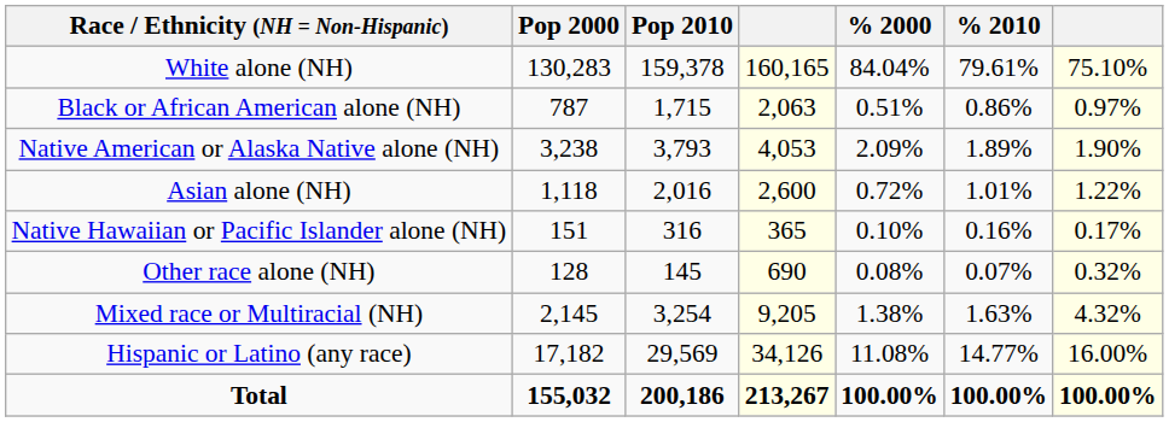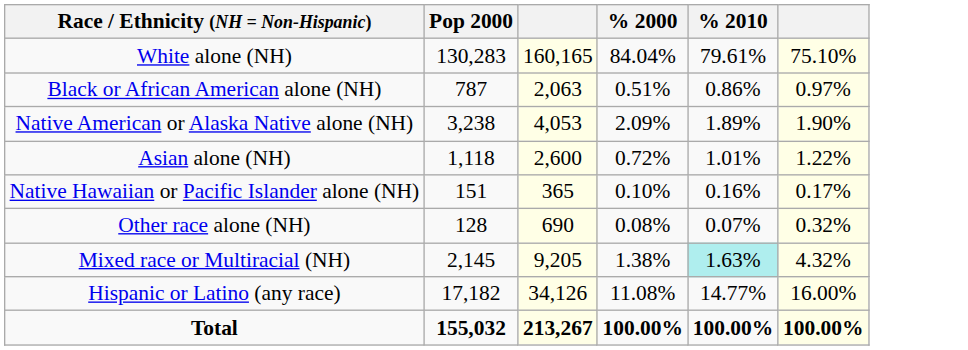 <table class="wikitable" style="text-align:center;">
 <tr>
 <th>Race / Ethnicity <small>(<em>NH = Non-Hispanic</em>)</small></th>
 <th>Pop 2000</th>
-<th>Pop 2010</th>
 <th></th>
 <th>% 2000</th>
 <th>% 2010</th>
 <th></th>
 </tr>
 <tr>
 <td><a href='#'>White</a> alone (NH)</td>
 <td>130,283</td>
-<td>159,378</td>
 <td style='background: #ffffe6;'>160,165</td>
 <td>84.04%</td>
 <td>79.61%</td>
 <td style='background: #ffffe6;'>75.10%</td>
 </tr>
 <tr>
 <td><a href='#'>Black or African American</a> alone (NH)</td>
 <td>787</td>
-<td>1,715</td>
 <td style='background: #ffffe6;'>2,063</td>
 <td>0.51%</td>
 <td>0.86%</td>
 <td style='background: #ffffe6;'>0.97%</td>
 </tr>
 <tr>
 <td><a href='#'>Native American</a> or <a href='#'>Alaska Native</a> alone (NH)</td>
 <td>3,238</td>
-<td>3,793</td>
 <td style='background: #ffffe6;'>4,053</td>
 <td>2.09%</td>
 <td>1.89%</td>
 <td style='background: #ffffe6;'>1.90%</td>
 </tr>
 <tr>
 <td><a href='#'>Asian</a> alone (NH)</td>
 <td>1,118</td>
-<td>2,016</td>
 <td style='background: #ffffe6;'>2,600</td>
 <td>0.72%</td>
 <td>1.01%</td>
 <td style='background: #ffffe6;'>1.22%</td>
 </tr>
 <tr>
 <td><a href='#'>Native Hawaiian</a> or <a href='#'>Pacific Islander</a> alone (NH)</td>
 <td>151</td>
-<td>316</td>
 <td style='background: #ffffe6;'>365</td>
 <td>0.10%</td>
 <td>0.16%</td>
 <td style='background: #ffffe6;'>0.17%</td>
 </tr>
 <tr>
 <td><a href='#'>Other race</a> alone (NH)</td>
 <td>128</td>
-<td>145</td>
 <td style='background: #ffffe6;'>690</td>
 <td>0.08%</td>
 <td>0.07%</td>
 <td style='background: #ffffe6;'>0.32%</td>
 </tr>
 <tr>
 <td><a href='#'>Mixed race or Multiracial</a> (NH)</td>
 <td>2,145</td>
-<td>3,254</td>
 <td style='background: #ffffe6;'>9,205</td>
 <td>1.38%</td>
-<td>1.63%</td>
+<td style="background: paleturquoise;">1.63%</td>
 <td style='background: #ffffe6;'>4.32%</td>
 </tr>
 <tr>
 <td><a href='#'>Hispanic or Latino</a> (any race)</td>
 <td>17,182</td>
-<td>29,569</td>
 <td style='background: #ffffe6;'>34,126</td>
 <td>11.08%</td>
 <td>14.77%</td>
 <td style='background: #ffffe6;'>16.00%</td>
 </tr>
 <tr>
 <td><strong>Total</strong></td>
 <td><strong>155,032</strong></td>
-<td><strong>200,186</strong></td>
 <td style='background: #ffffe6;'><strong>213,267</strong></td>
 <td><strong>100.00%</strong></td>
 <td><strong>100.00%</strong></td>
 <td style='background: #ffffe6;'><strong>100.00%</strong></td>
 </tr>
 </table>
